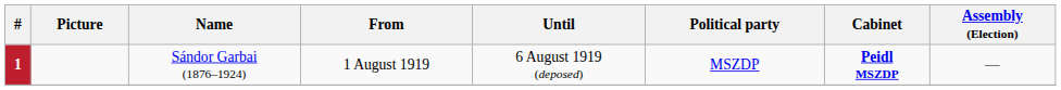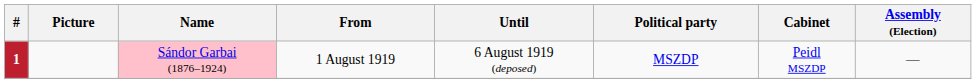 <table width=90% class="wikitable" style="text-align:center">
 <tr>
 <th>#</th>
 <th>Picture</th>
 <th>Name</th>
 <th>From</th>
 <th>Until</th>
 <th>Political party</th>
 <th>Cabinet</th>
 <th><a href='#'>Assembly</a><br><small>(Election)</small></th>
 </tr>
 <tr>
 <th style="background-color:#BE1F2E; color:white">1</th>
 <td></td>
-<td><a href='#'>Sándor Garbai</a><br><small>(1876–1924)</small></td>
+<td style="background: pink;"><a href='#'>Sándor Garbai</a><br><small>(1876–1924)</small></td>
 <td>1 August 1919</td>
 <td>6 August 1919<br><small>(<em>deposed</em>)</small></td>
 <td><a href='#'>MSZDP</a></td>
-<td><strong><a href='#'>Peidl</a><br><small><a href='#'>MSZDP</a></small></strong></td>
+<td><a href='#'>Peidl</a><br><small><a href='#'>MSZDP</a></small></td>
 <td>—</td>
 </tr>
 <tr>
 </tr>
 </table>
